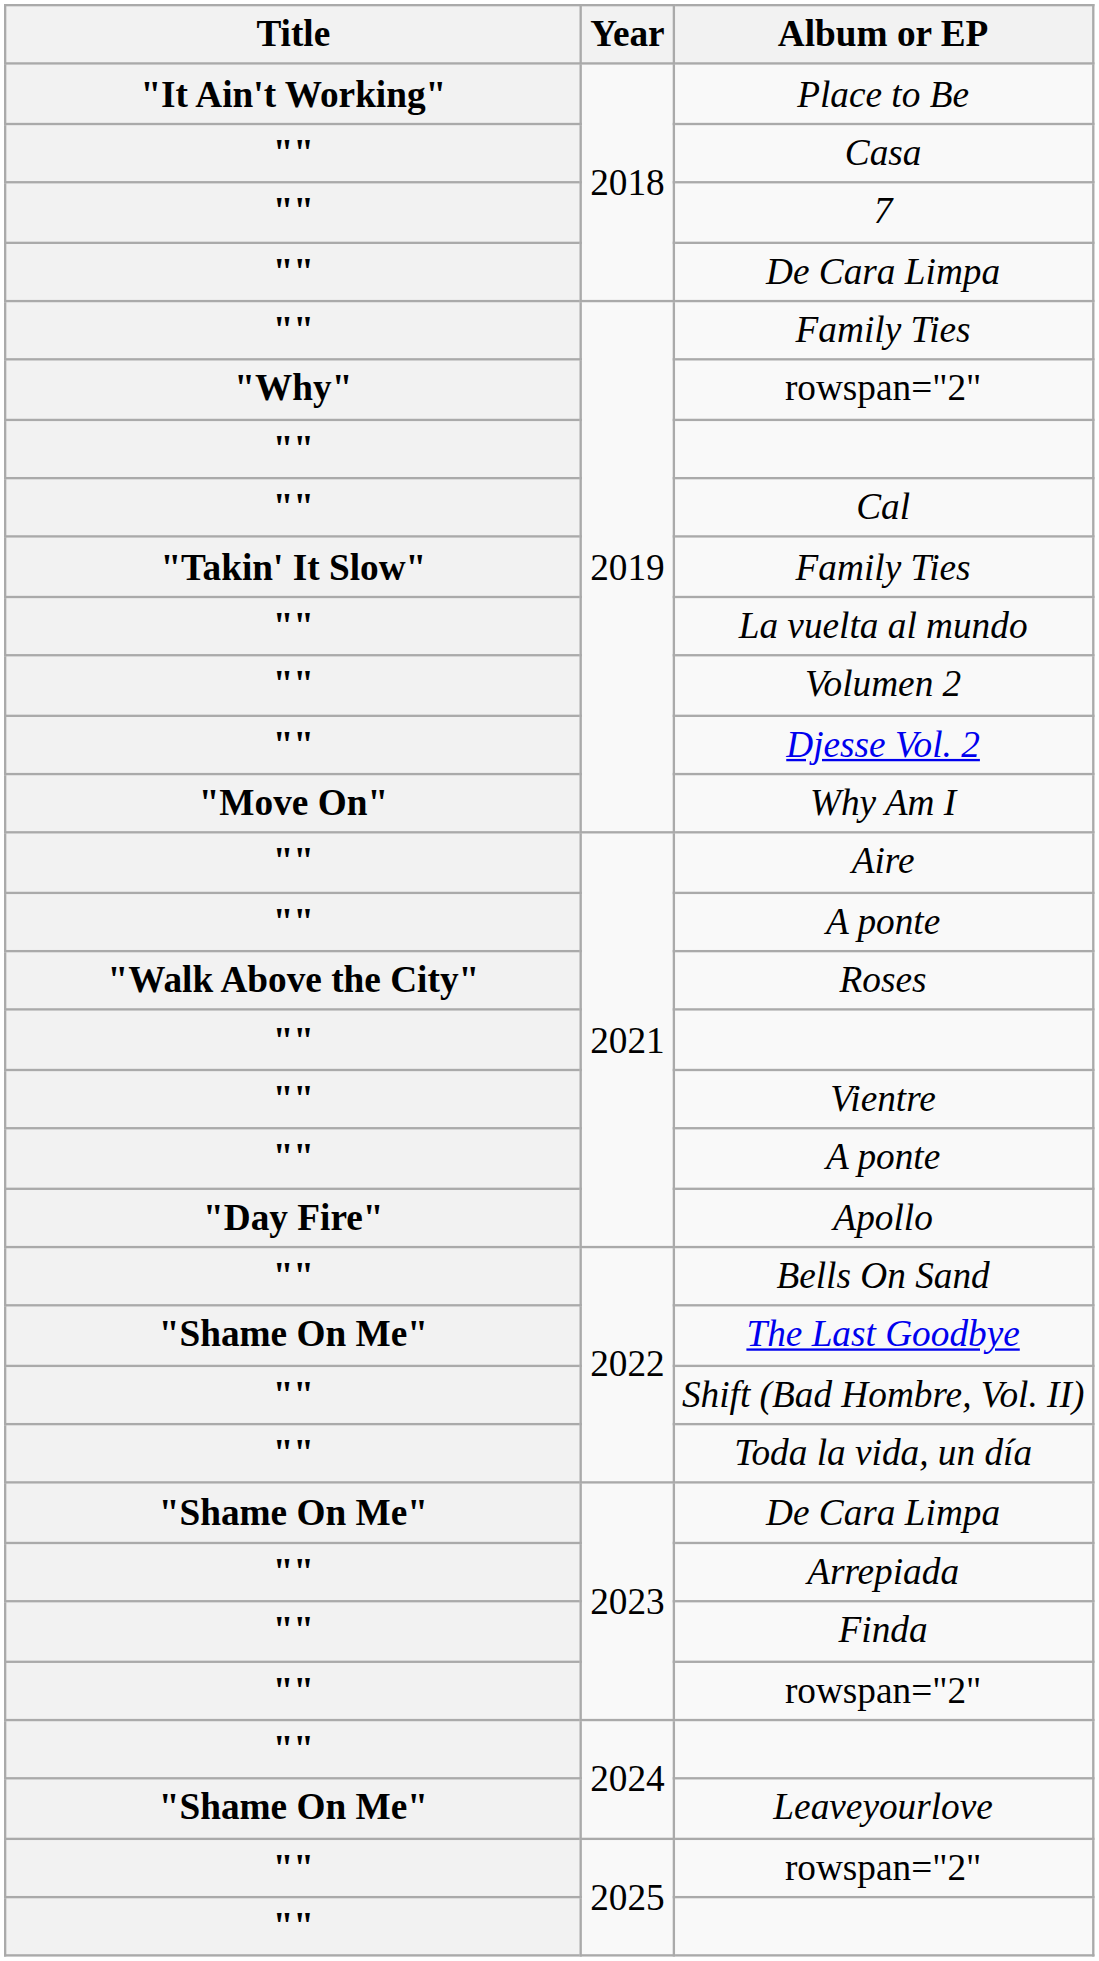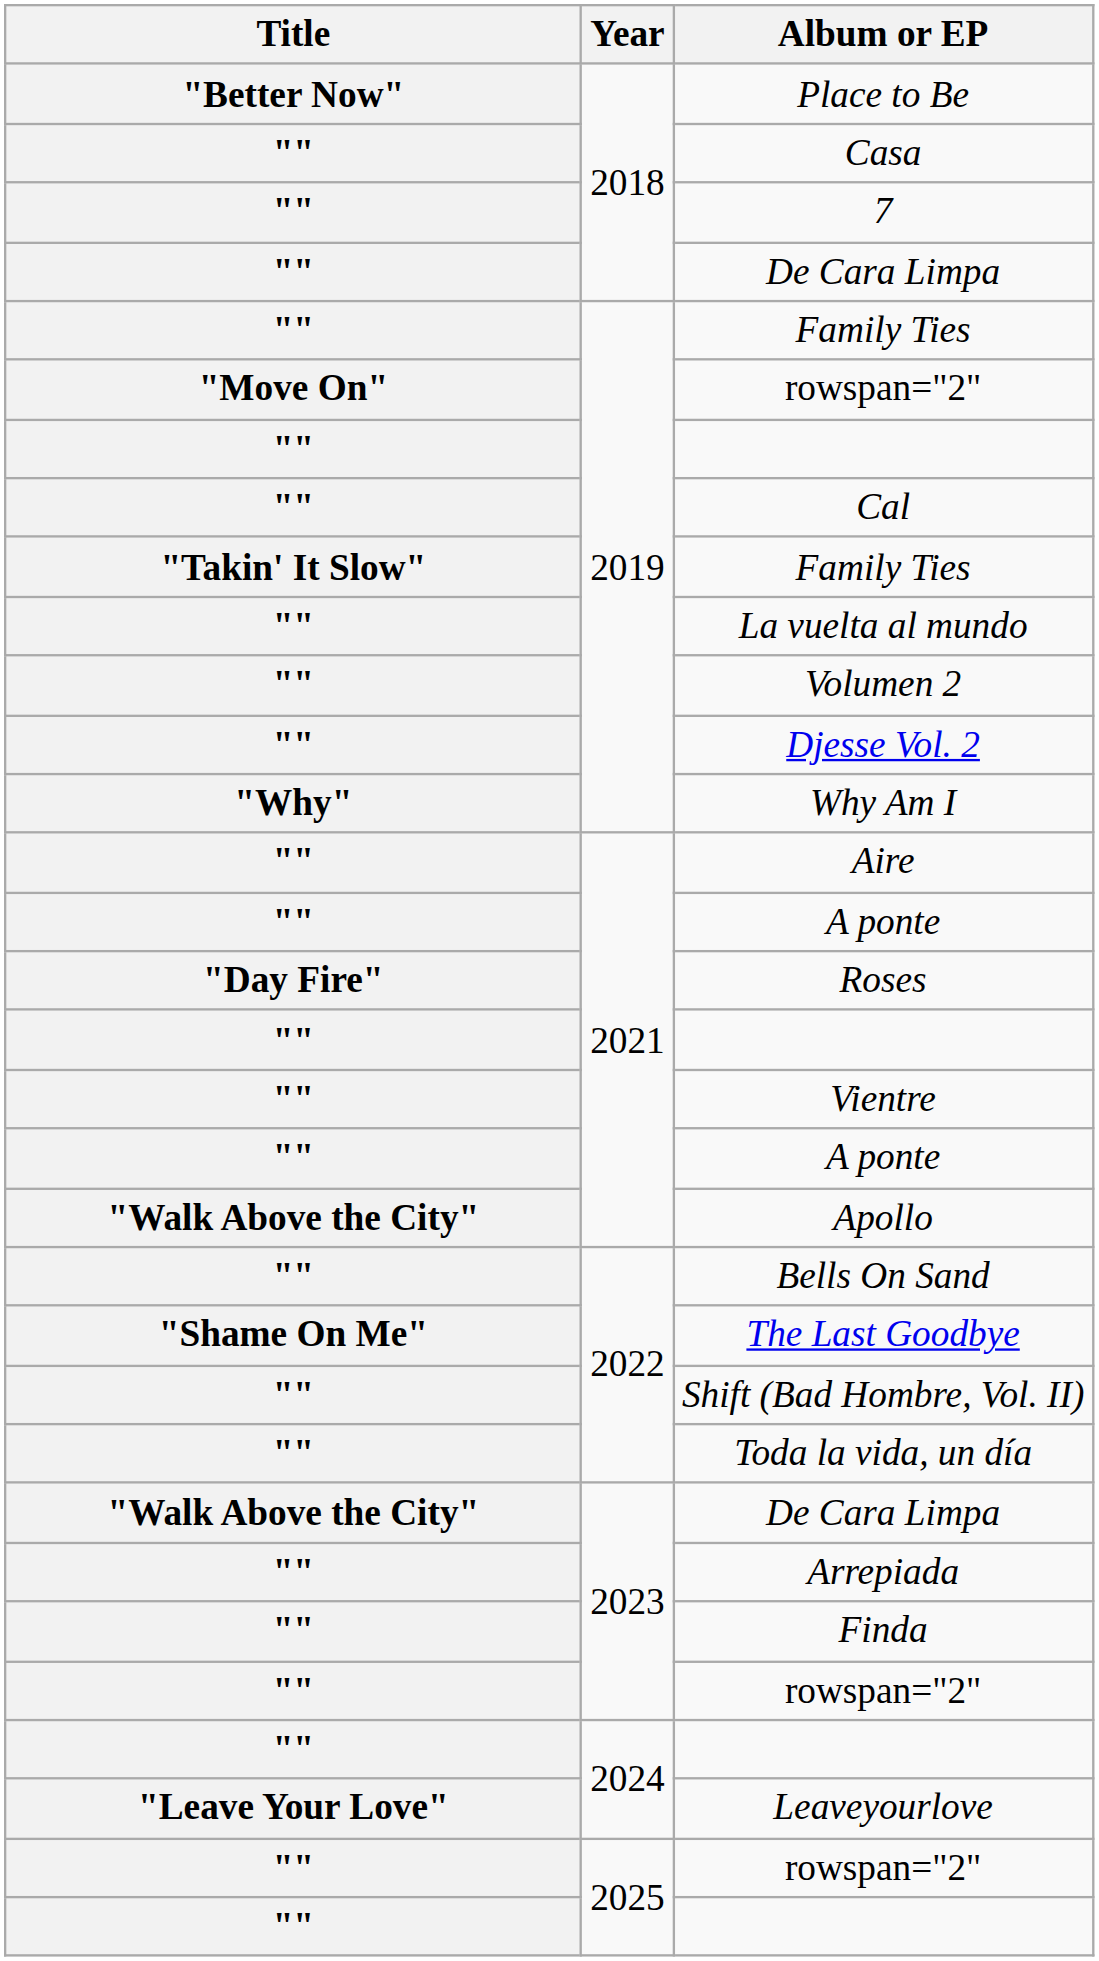 <table class="wikitable plainrowheaders" style="text-align:center;">
 <tr>
 <th scope="col" style="width:15em;">Title</th>
 <th scope="col">Year</th>
 <th scope="col">Album or EP</th>
 </tr>
 <tr>
-<th scope="row">"It Ain't Working"<br></th>
+<th scope="row">"Better Now"<br></th>
 <td rowspan="4">2018</td>
 <td><em>Place to Be</em></td>
 </tr>
 <tr>
 <th scope="row">""<br></th>
 <td><em>Casa</em></td>
 </tr>
 <tr>
 <th scope="row">""<br></th>
 <td><em>7</em></td>
 </tr>
 <tr>
 <th scope="row">""<br></th>
 <td><em>De Cara Limpa</em></td>
 </tr>
 <tr>
 <th scope="row">""<br></th>
 <td rowspan="9">2019</td>
 <td><em>Family Ties</em></td>
 </tr>
 <tr>
-<th scope="row">"Why"<br></th>
+<th scope="row">"Move On"<br></th>
 <td>rowspan="2" </td>
 </tr>
 <tr>
 <th scope="row">""<br></th>
 </tr>
 <tr>
 <th scope="row">""<br></th>
 <td><em>Cal</em></td>
 </tr>
 <tr>
 <th scope="row">"Takin' It Slow"<br></th>
 <td><em>Family Ties</em></td>
 </tr>
 <tr>
 <th scope="row">""<br></th>
 <td><em>La vuelta al mundo</em></td>
 </tr>
 <tr>
 <th scope="row">""<br></th>
 <td><em>Volumen 2</em></td>
 </tr>
 <tr>
 <th scope="row">""<br></th>
 <td><em><a href='#'>Djesse Vol. 2</a></em></td>
 </tr>
 <tr>
-<th scope="row">"Move On"<br></th>
+<th scope="row">"Why"<br></th>
 <td><em>Why Am I</em></td>
 </tr>
 <tr>
 <th scope="row">""<br></th>
 <td rowspan="7">2021</td>
 <td><em>Aire</em></td>
 </tr>
 <tr>
 <th scope="row">""<br></th>
 <td><em>A ponte</em></td>
 </tr>
 <tr>
-<th scope="row">"Walk Above the City"<br></th>
+<th scope="row">"Day Fire"<br></th>
 <td><em>Roses</em></td>
 </tr>
 <tr>
 <th scope="row">""<br></th>
 <td></td>
 </tr>
 <tr>
 <th scope="row">""<br></th>
 <td><em>Vientre</em></td>
 </tr>
 <tr>
 <th scope="row">""<br></th>
 <td><em>A ponte</em></td>
 </tr>
 <tr>
-<th scope="row">"Day Fire"<br></th>
+<th scope="row">"Walk Above the City"<br></th>
 <td><em>Apollo</em></td>
 </tr>
 <tr>
 <th scope="row">""<br></th>
 <td rowspan="4">2022</td>
 <td><em>Bells On Sand</em></td>
 </tr>
 <tr>
 <th scope="row">"Shame On Me"<br></th>
 <td><em><a href='#'>The Last Goodbye</a></em></td>
 </tr>
 <tr>
 <th scope="row">""<br></th>
 <td><em>Shift (Bad Hombre, Vol. II)</em></td>
 </tr>
 <tr>
 <th scope="row">""<br></th>
 <td><em>Toda la vida, un día</em></td>
 </tr>
 <tr>
-<th scope="row">"Shame On Me"<br></th>
+<th scope="row">"Walk Above the City"<br></th>
 <td rowspan="4">2023</td>
 <td><em>De Cara Limpa</em></td>
 </tr>
 <tr>
 <th scope="row">""<br></th>
 <td><em>Arrepiada</em></td>
 </tr>
 <tr>
 <th scope="row">""<br></th>
 <td><em>Finda</em></td>
 </tr>
 <tr>
 <th scope="row">""<br></th>
 <td>rowspan="2" </td>
 </tr>
 <tr>
 <th scope="row">""<br></th>
 <td rowspan="2">2024</td>
 </tr>
 <tr>
-<th scope="row">"Shame On Me"<br></th>
+<th scope="row">"Leave Your Love"<br></th>
 <td><em>Leaveyourlove</em></td>
 </tr>
 <tr>
 <th scope="row">""<br></th>
 <td rowspan="2">2025</td>
 <td>rowspan="2" </td>
 </tr>
 <tr>
 <th scope="row">""<br></th>
 </tr>
 </table>
